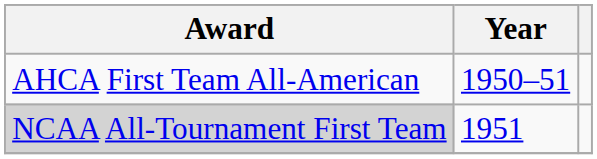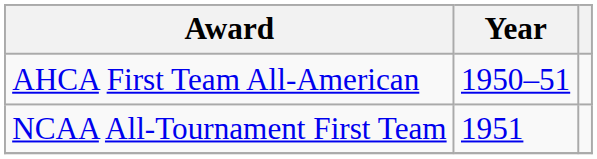 <table class="wikitable">
 <tr>
 <th>Award</th>
 <th>Year</th>
 <th></th>
 </tr>
 <tr>
 <td><a href='#'>AHCA</a> <a href='#'>First Team All-American</a></td>
 <td><a href='#'>1950–51</a></td>
 <td></td>
 </tr>
 <tr>
-<td style="background: lightgrey;"><a href='#'>NCAA</a> <a href='#'>All-Tournament First Team</a></td>
+<td><a href='#'>NCAA</a> <a href='#'>All-Tournament First Team</a></td>
 <td><a href='#'>1951</a></td>
 <td></td>
 </tr>
 <tr>
 </tr>
 </table>
